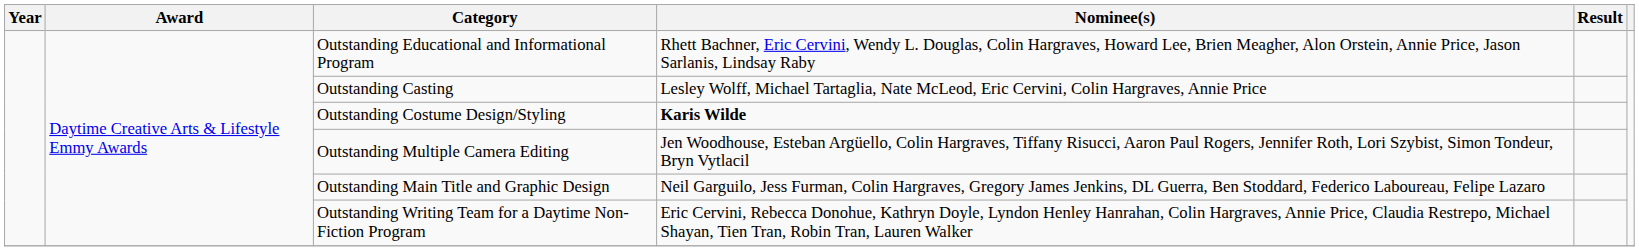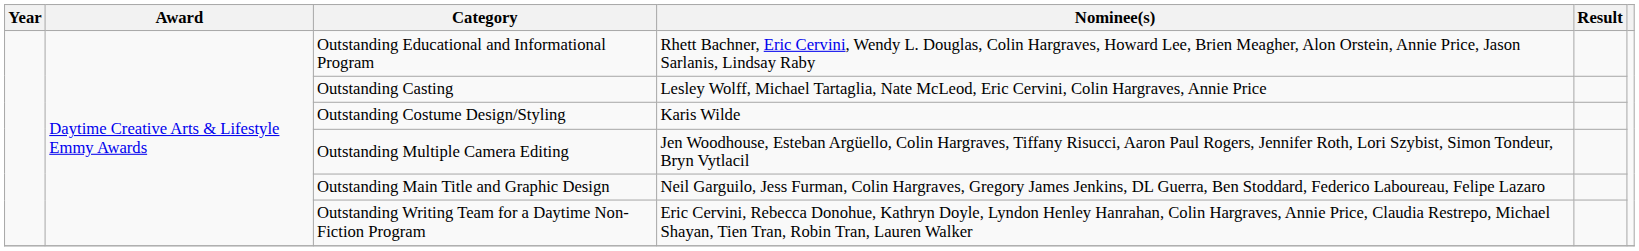 <table class="wikitable plainrowheaders sortable">
 <tr>
 <th scope="col">Year</th>
 <th scope="col">Award</th>
 <th scope="col">Category</th>
 <th scope="col">Nominee(s)</th>
 <th scope="col">Result</th>
 <th scope="col" class="unsortable"></th>
 </tr>
 <tr>
 <td rowspan="6"></td>
 <td rowspan="6"><a href='#'>Daytime Creative Arts & Lifestyle Emmy Awards</a></td>
 <td>Outstanding Educational and Informational Program</td>
 <td>Rhett Bachner, <a href='#'>Eric Cervini</a>, Wendy L. Douglas, Colin Hargraves, Howard Lee, Brien Meagher, Alon Orstein, Annie Price, Jason Sarlanis, Lindsay Raby</td>
 <td></td>
 <td rowspan="6" style="text-align:center"></td>
 </tr>
 <tr>
 <td>Outstanding Casting</td>
 <td>Lesley Wolff, Michael Tartaglia, Nate McLeod, Eric Cervini, Colin Hargraves, Annie Price</td>
 <td></td>
 </tr>
 <tr>
 <td>Outstanding Costume Design/Styling</td>
-<td><strong>Karis Wilde</strong></td>
+<td>Karis Wilde</td>
 <td></td>
 </tr>
 <tr>
 <td>Outstanding Multiple Camera Editing</td>
 <td>Jen Woodhouse, Esteban Argüello, Colin Hargraves, Tiffany Risucci, Aaron Paul Rogers, Jennifer Roth, Lori Szybist, Simon Tondeur, Bryn Vytlacil</td>
 <td></td>
 </tr>
 <tr>
 <td>Outstanding Main Title and Graphic Design</td>
 <td>Neil Garguilo, Jess Furman, Colin Hargraves, Gregory James Jenkins, DL Guerra, Ben Stoddard, Federico Laboureau, Felipe Lazaro</td>
 <td></td>
 </tr>
 <tr>
 <td>Outstanding Writing Team for a Daytime Non-Fiction Program</td>
 <td>Eric Cervini, Rebecca Donohue, Kathryn Doyle, Lyndon Henley Hanrahan, Colin Hargraves, Annie Price, Claudia Restrepo, Michael Shayan, Tien Tran, Robin Tran, Lauren Walker</td>
 <td></td>
 </tr>
 <tr>
 </tr>
 </table>
